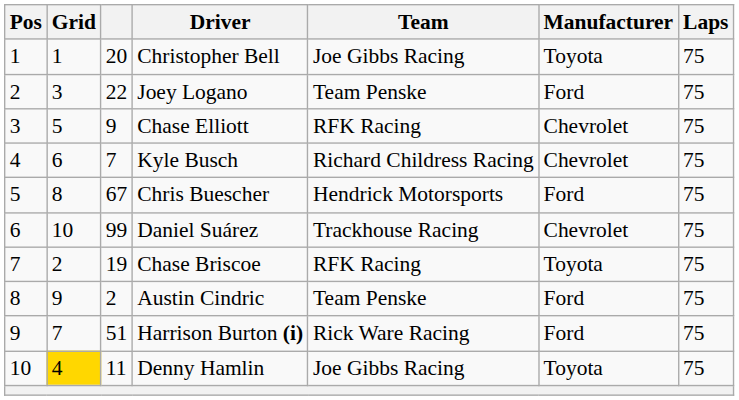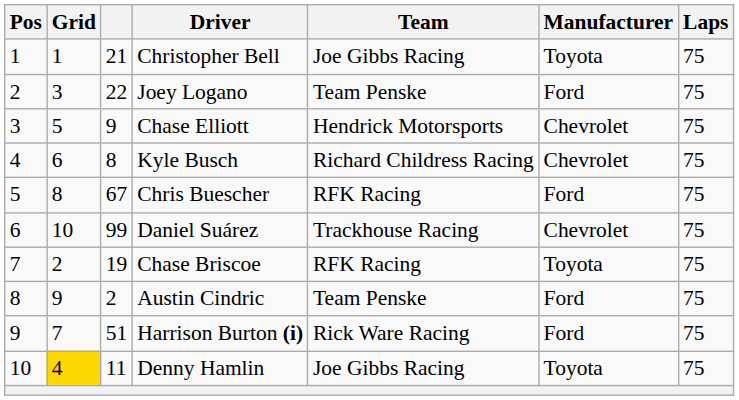 <table class="wikitable" style="font-size:98%">
 <tr>
 <th>Pos</th>
 <th>Grid</th>
 <th></th>
 <th>Driver</th>
 <th>Team</th>
 <th>Manufacturer</th>
 <th>Laps</th>
 </tr>
 <tr>
 <td>1</td>
 <td>1</td>
-<td>20</td>
+<td>21</td>
 <td>Christopher Bell</td>
 <td>Joe Gibbs Racing</td>
 <td>Toyota</td>
 <td>75</td>
 </tr>
 <tr>
 <td>2</td>
 <td>3</td>
 <td>22</td>
 <td>Joey Logano</td>
 <td>Team Penske</td>
 <td>Ford</td>
 <td>75</td>
 </tr>
 <tr>
 <td>3</td>
 <td>5</td>
 <td>9</td>
 <td>Chase Elliott</td>
-<td>RFK Racing</td>
+<td>Hendrick Motorsports</td>
 <td>Chevrolet</td>
 <td>75</td>
 </tr>
 <tr>
 <td>4</td>
 <td>6</td>
-<td>7</td>
+<td>8</td>
 <td>Kyle Busch</td>
 <td>Richard Childress Racing</td>
 <td>Chevrolet</td>
 <td>75</td>
 </tr>
 <tr>
 <td>5</td>
 <td>8</td>
 <td>67</td>
 <td>Chris Buescher</td>
-<td>Hendrick Motorsports</td>
+<td>RFK Racing</td>
 <td>Ford</td>
 <td>75</td>
 </tr>
 <tr>
 <td>6</td>
 <td>10</td>
 <td>99</td>
 <td>Daniel Suárez</td>
 <td>Trackhouse Racing</td>
 <td>Chevrolet</td>
 <td>75</td>
 </tr>
 <tr>
 <td>7</td>
 <td>2</td>
 <td>19</td>
 <td>Chase Briscoe</td>
 <td>RFK Racing</td>
 <td>Toyota</td>
 <td>75</td>
 </tr>
 <tr>
 <td>8</td>
 <td>9</td>
 <td>2</td>
 <td>Austin Cindric</td>
 <td>Team Penske</td>
 <td>Ford</td>
 <td>75</td>
 </tr>
 <tr>
 <td>9</td>
 <td>7</td>
 <td>51</td>
 <td>Harrison Burton <strong>(i)</strong></td>
 <td>Rick Ware Racing</td>
 <td>Ford</td>
 <td>75</td>
 </tr>
 <tr>
 <td>10</td>
 <td style="background: gold;">4</td>
 <td>11</td>
 <td>Denny Hamlin</td>
 <td>Joe Gibbs Racing</td>
 <td>Toyota</td>
 <td>75</td>
 </tr>
 <tr>
 <th colspan="7"></th>
 </tr>
 </table>
